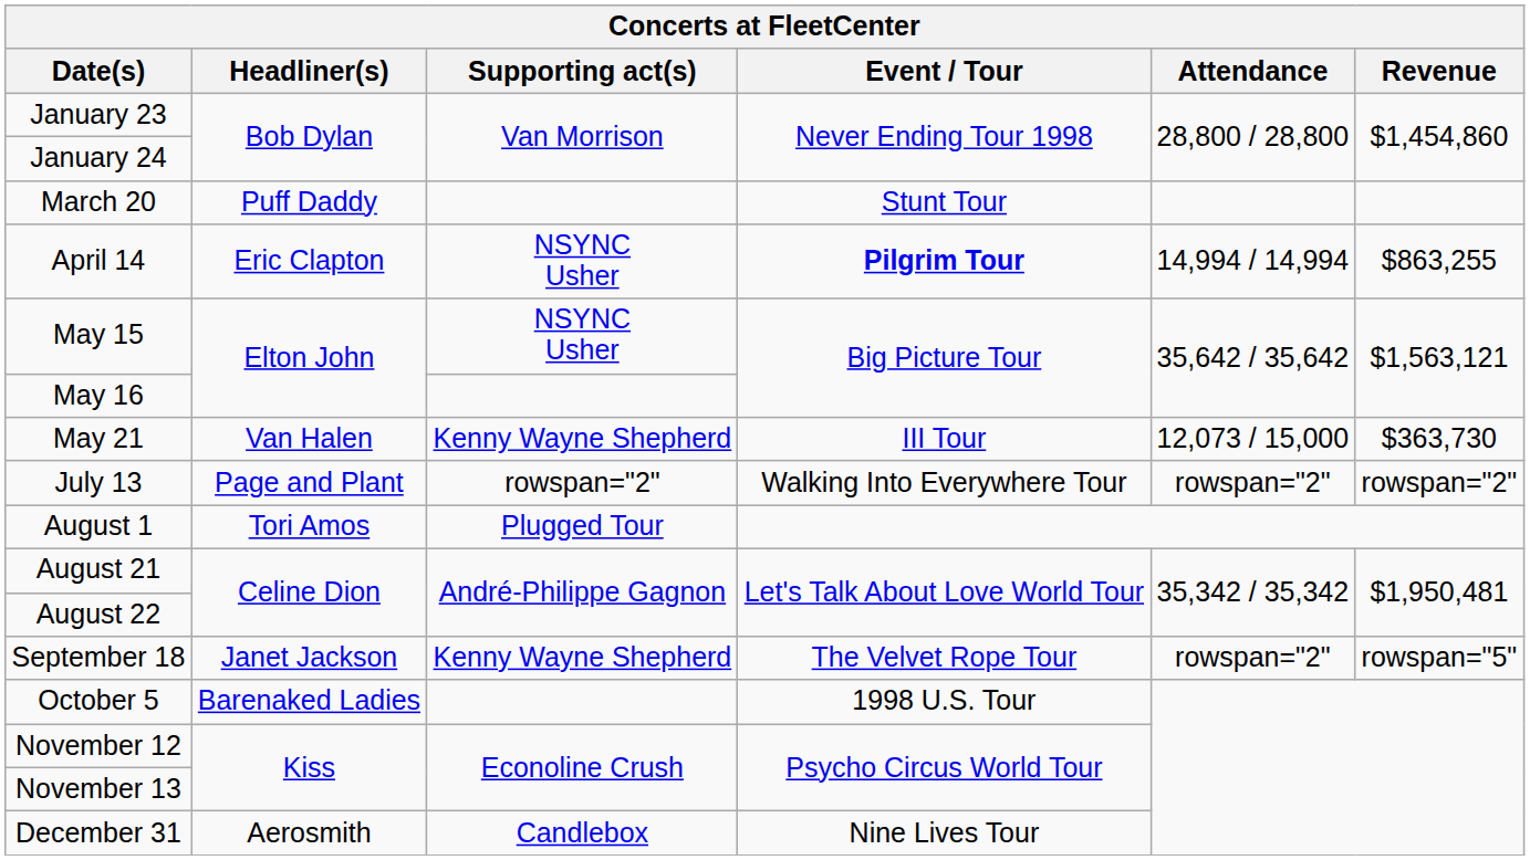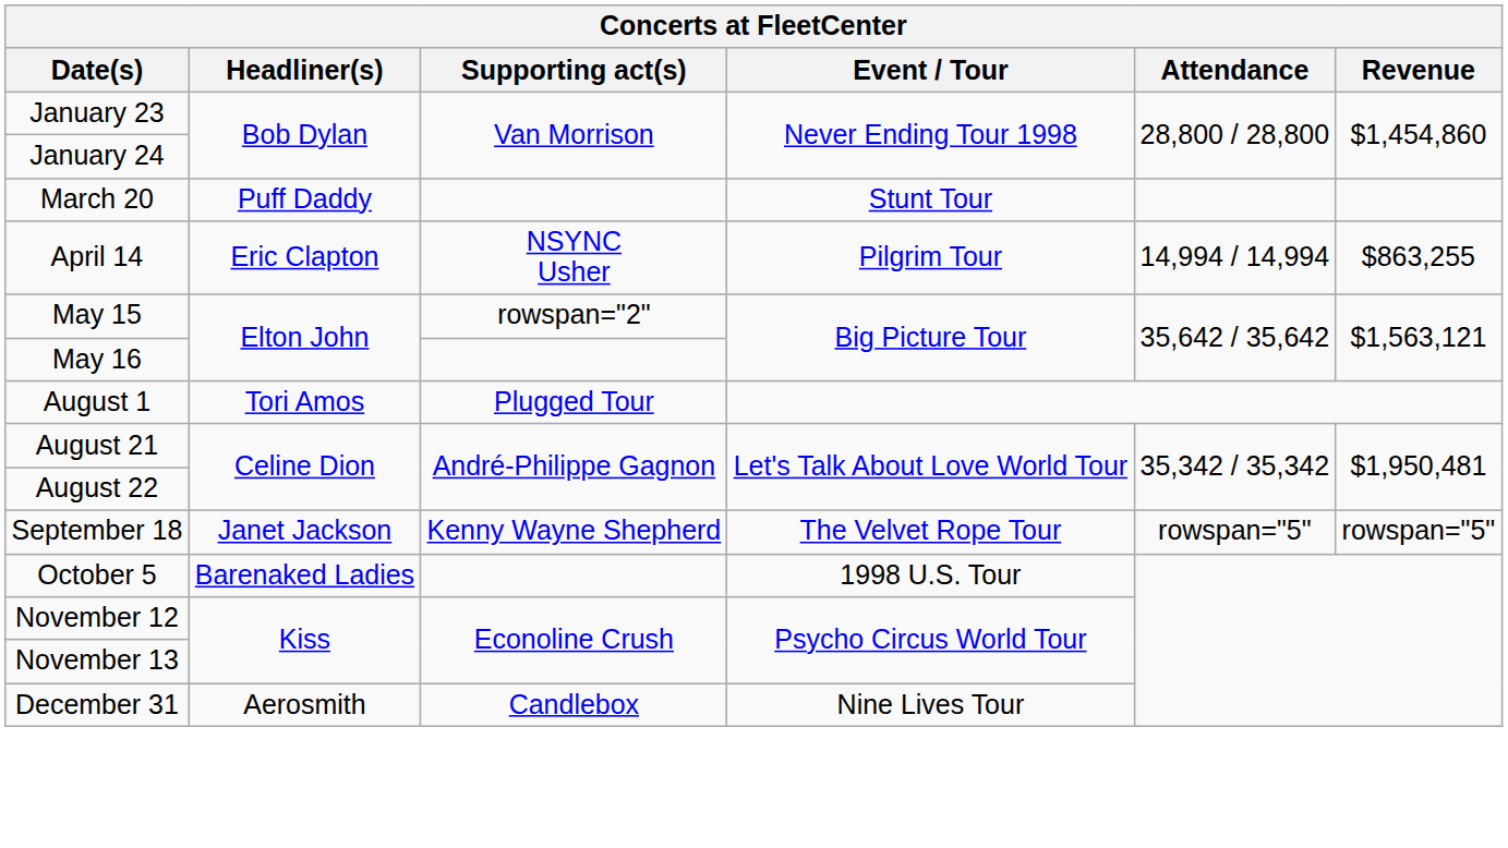 <table class="wikitable mw-collapsible mw-collapsed" style="text-align:center;">
 <tr>
 <th colspan="6">Concerts at FleetCenter</th>
 </tr>
 <tr>
 <th>Date(s)</th>
 <th>Headliner(s)</th>
 <th>Supporting act(s)</th>
 <th>Event / Tour</th>
 <th>Attendance</th>
 <th>Revenue</th>
 </tr>
 <tr>
 <td>January 23</td>
 <td rowspan="2"><a href='#'>Bob Dylan</a></td>
 <td rowspan="2"><a href='#'>Van Morrison</a></td>
 <td rowspan="2"><a href='#'>Never Ending Tour 1998</a></td>
 <td rowspan="2">28,800 / 28,800</td>
 <td rowspan="2">$1,454,860</td>
 </tr>
 <tr>
 <td>January 24</td>
 </tr>
 <tr>
 <td>March 20</td>
 <td><a href='#'>Puff Daddy</a></td>
 <td></td>
 <td><a href='#'>Stunt Tour</a></td>
 <td></td>
 <td></td>
 </tr>
 <tr>
 <td>April 14</td>
 <td><a href='#'>Eric Clapton</a></td>
 <td><a href='#'>NSYNC</a> <br> <a href='#'>Usher</a></td>
-<td><strong><a href='#'>Pilgrim Tour</a></strong></td>
+<td><a href='#'>Pilgrim Tour</a></td>
 <td>14,994 / 14,994</td>
 <td>$863,255</td>
 </tr>
 <tr>
 <td>May 15</td>
 <td rowspan="2"><a href='#'>Elton John</a></td>
-<td><a href='#'>NSYNC</a> <br> <a href='#'>Usher</a></td>
+<td>rowspan="2" </td>
 <td rowspan="2"><a href='#'>Big Picture Tour</a></td>
 <td rowspan="2">35,642 / 35,642</td>
 <td rowspan="2">$1,563,121</td>
 </tr>
 <tr>
 <td>May 16</td>
-</tr>
-<tr>
-<td>May 21</td>
-<td><a href='#'>Van Halen</a></td>
-<td><a href='#'>Kenny Wayne Shepherd</a></td>
-<td><a href='#'>III Tour</a></td>
-<td>12,073 / 15,000</td>
-<td>$363,730</td>
-</tr>
-<tr>
-<td>July 13</td>
-<td><a href='#'>Page and Plant</a></td>
-<td>rowspan="2" </td>
-<td>Walking Into Everywhere Tour</td>
-<td>rowspan="2" </td>
-<td>rowspan="2" </td>
 </tr>
 <tr>
 <td>August 1</td>
 <td><a href='#'>Tori Amos</a></td>
 <td><a href='#'>Plugged Tour</a></td>
 </tr>
 <tr>
 <td>August 21</td>
 <td rowspan="2"><a href='#'>Celine Dion</a></td>
 <td rowspan="2"><a href='#'>André-Philippe Gagnon</a></td>
 <td rowspan="2"><a href='#'>Let's Talk About Love World Tour</a></td>
 <td rowspan="2">35,342 / 35,342</td>
 <td rowspan="2">$1,950,481</td>
 </tr>
 <tr>
 <td>August 22</td>
 </tr>
 <tr>
 <td>September 18</td>
 <td><a href='#'>Janet Jackson</a></td>
 <td><a href='#'>Kenny Wayne Shepherd</a></td>
 <td><a href='#'>The Velvet Rope Tour</a></td>
-<td>rowspan="2" </td>
+<td>rowspan="5" </td>
 <td>rowspan="5" </td>
 </tr>
 <tr>
 <td>October 5</td>
 <td><a href='#'>Barenaked Ladies</a></td>
 <td></td>
 <td>1998 U.S. Tour</td>
 </tr>
 <tr>
 <td>November 12</td>
 <td rowspan="2"><a href='#'>Kiss</a></td>
 <td rowspan="2"><a href='#'>Econoline Crush</a></td>
 <td rowspan="2"><a href='#'>Psycho Circus World Tour</a></td>
 </tr>
 <tr>
 <td>November 13</td>
 </tr>
 <tr>
 <td>December 31</td>
 <td>Aerosmith</td>
 <td><a href='#'>Candlebox</a></td>
 <td>Nine Lives Tour</td>
 </tr>
 </table>
